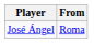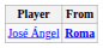 <table class="wikitable">
 <tr>
 <th>Player</th>
 <th>From</th>
 </tr>
 <tr>
 <td> <a href='#'>José Ángel</a></td>
-<td> <a href='#'>Roma</a></td>
+<td><strong> <a href='#'>Roma</a></strong></td>
 </tr>
 </table>
